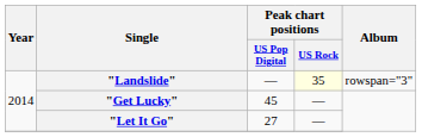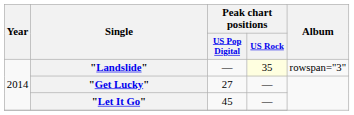 <table class="wikitable plainrowheaders" style="text-align:center;">
 <tr>
 <th rowspan="2">Year</th>
 <th rowspan="2" style="width:16em;">Single</th>
 <th colspan="2">Peak chart<br>positions</th>
 <th rowspan="2">Album</th>
 </tr>
 <tr style="font-size:smaller;">
 <th style="width:4em;"><a href='#'>US Pop Digital</a><br></th>
 <th style="width:4em;"><a href='#'>US Rock</a><br></th>
 </tr>
 <tr>
 <td rowspan="3">2014</td>
 <th scope="row">"<a href='#'>Landslide</a>"</th>
 <td>—</td>
 <td style="background: lightyellow;">35</td>
 <td>rowspan="3" </td>
 </tr>
 <tr>
 <th scope="row">"<a href='#'>Get Lucky</a>"</th>
-<td>45</td>
+<td>27</td>
 <td>—</td>
 </tr>
 <tr>
 <th scope="row">"<a href='#'>Let It Go</a>"</th>
-<td>27</td>
+<td>45</td>
 <td>—</td>
 </tr>
 <tr>
 </tr>
 </table>
